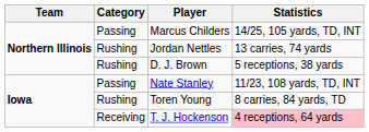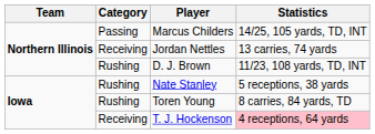 <table class="wikitable" style="float: left;">
 <tr>
 <th>Team</th>
 <th>Category</th>
 <th>Player</th>
 <th>Statistics</th>
 </tr>
 <tr>
 <td rowspan=3><strong>Northern Illinois</strong></td>
 <td>Passing</td>
 <td>Marcus Childers</td>
 <td>14/25, 105 yards, TD, INT</td>
 </tr>
 <tr>
-<td>Rushing</td>
+<td>Receiving</td>
 <td>Jordan Nettles</td>
 <td>13 carries, 74 yards</td>
 </tr>
 <tr>
 <td>Rushing</td>
 <td>D. J. Brown</td>
-<td>5 receptions, 38 yards</td>
+<td>11/23, 108 yards, TD, INT</td>
 </tr>
 <tr>
 <td rowspan=3><strong>Iowa</strong></td>
-<td>Passing</td>
+<td>Rushing</td>
 <td><a href='#'>Nate Stanley</a></td>
-<td>11/23, 108 yards, TD, INT</td>
+<td>5 receptions, 38 yards</td>
 </tr>
 <tr>
 <td>Rushing</td>
 <td>Toren Young</td>
 <td>8 carries, 84 yards, TD</td>
 </tr>
 <tr>
 <td>Receiving</td>
 <td><a href='#'>T. J. Hockenson</a></td>
 <td style="background: pink;">4 receptions, 64 yards</td>
 </tr>
 </table>
